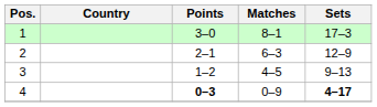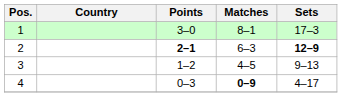 <table class="wikitable" style="text-align:center;">
 <tr>
 <th width=40>Pos.</th>
 <th width=165>Country</th>
 <th width=80>Points</th>
 <th width=80>Matches</th>
 <th width=80>Sets</th>
 </tr>
 <tr style="background:#ccffcc;">
 <td>1</td>
 <td style="text-align:left;"></td>
 <td>3–0</td>
 <td>8–1</td>
 <td>17–3</td>
 </tr>
 <tr style="background:#ffffff;">
 <td>2</td>
 <td style="text-align:left;"></td>
-<td>2–1</td>
+<td><strong>2–1</strong></td>
 <td>6–3</td>
-<td>12–9</td>
+<td><strong>12–9</strong></td>
 </tr>
 <tr style="background:#ffffff;">
 <td>3</td>
 <td style="text-align:left;"></td>
 <td>1–2</td>
 <td>4–5</td>
 <td>9–13</td>
 </tr>
 <tr style="background:#ffffff;">
 <td>4</td>
 <td style="text-align:left;"></td>
-<td><strong>0–3</strong></td>
-<td>0–9</td>
-<td><strong>4–17</strong></td>
+<td>0–3</td>
+<td><strong>0–9</strong></td>
+<td>4–17</td>
 </tr>
 <tr style="background:#ffffff;">
 </tr>
 </table>
